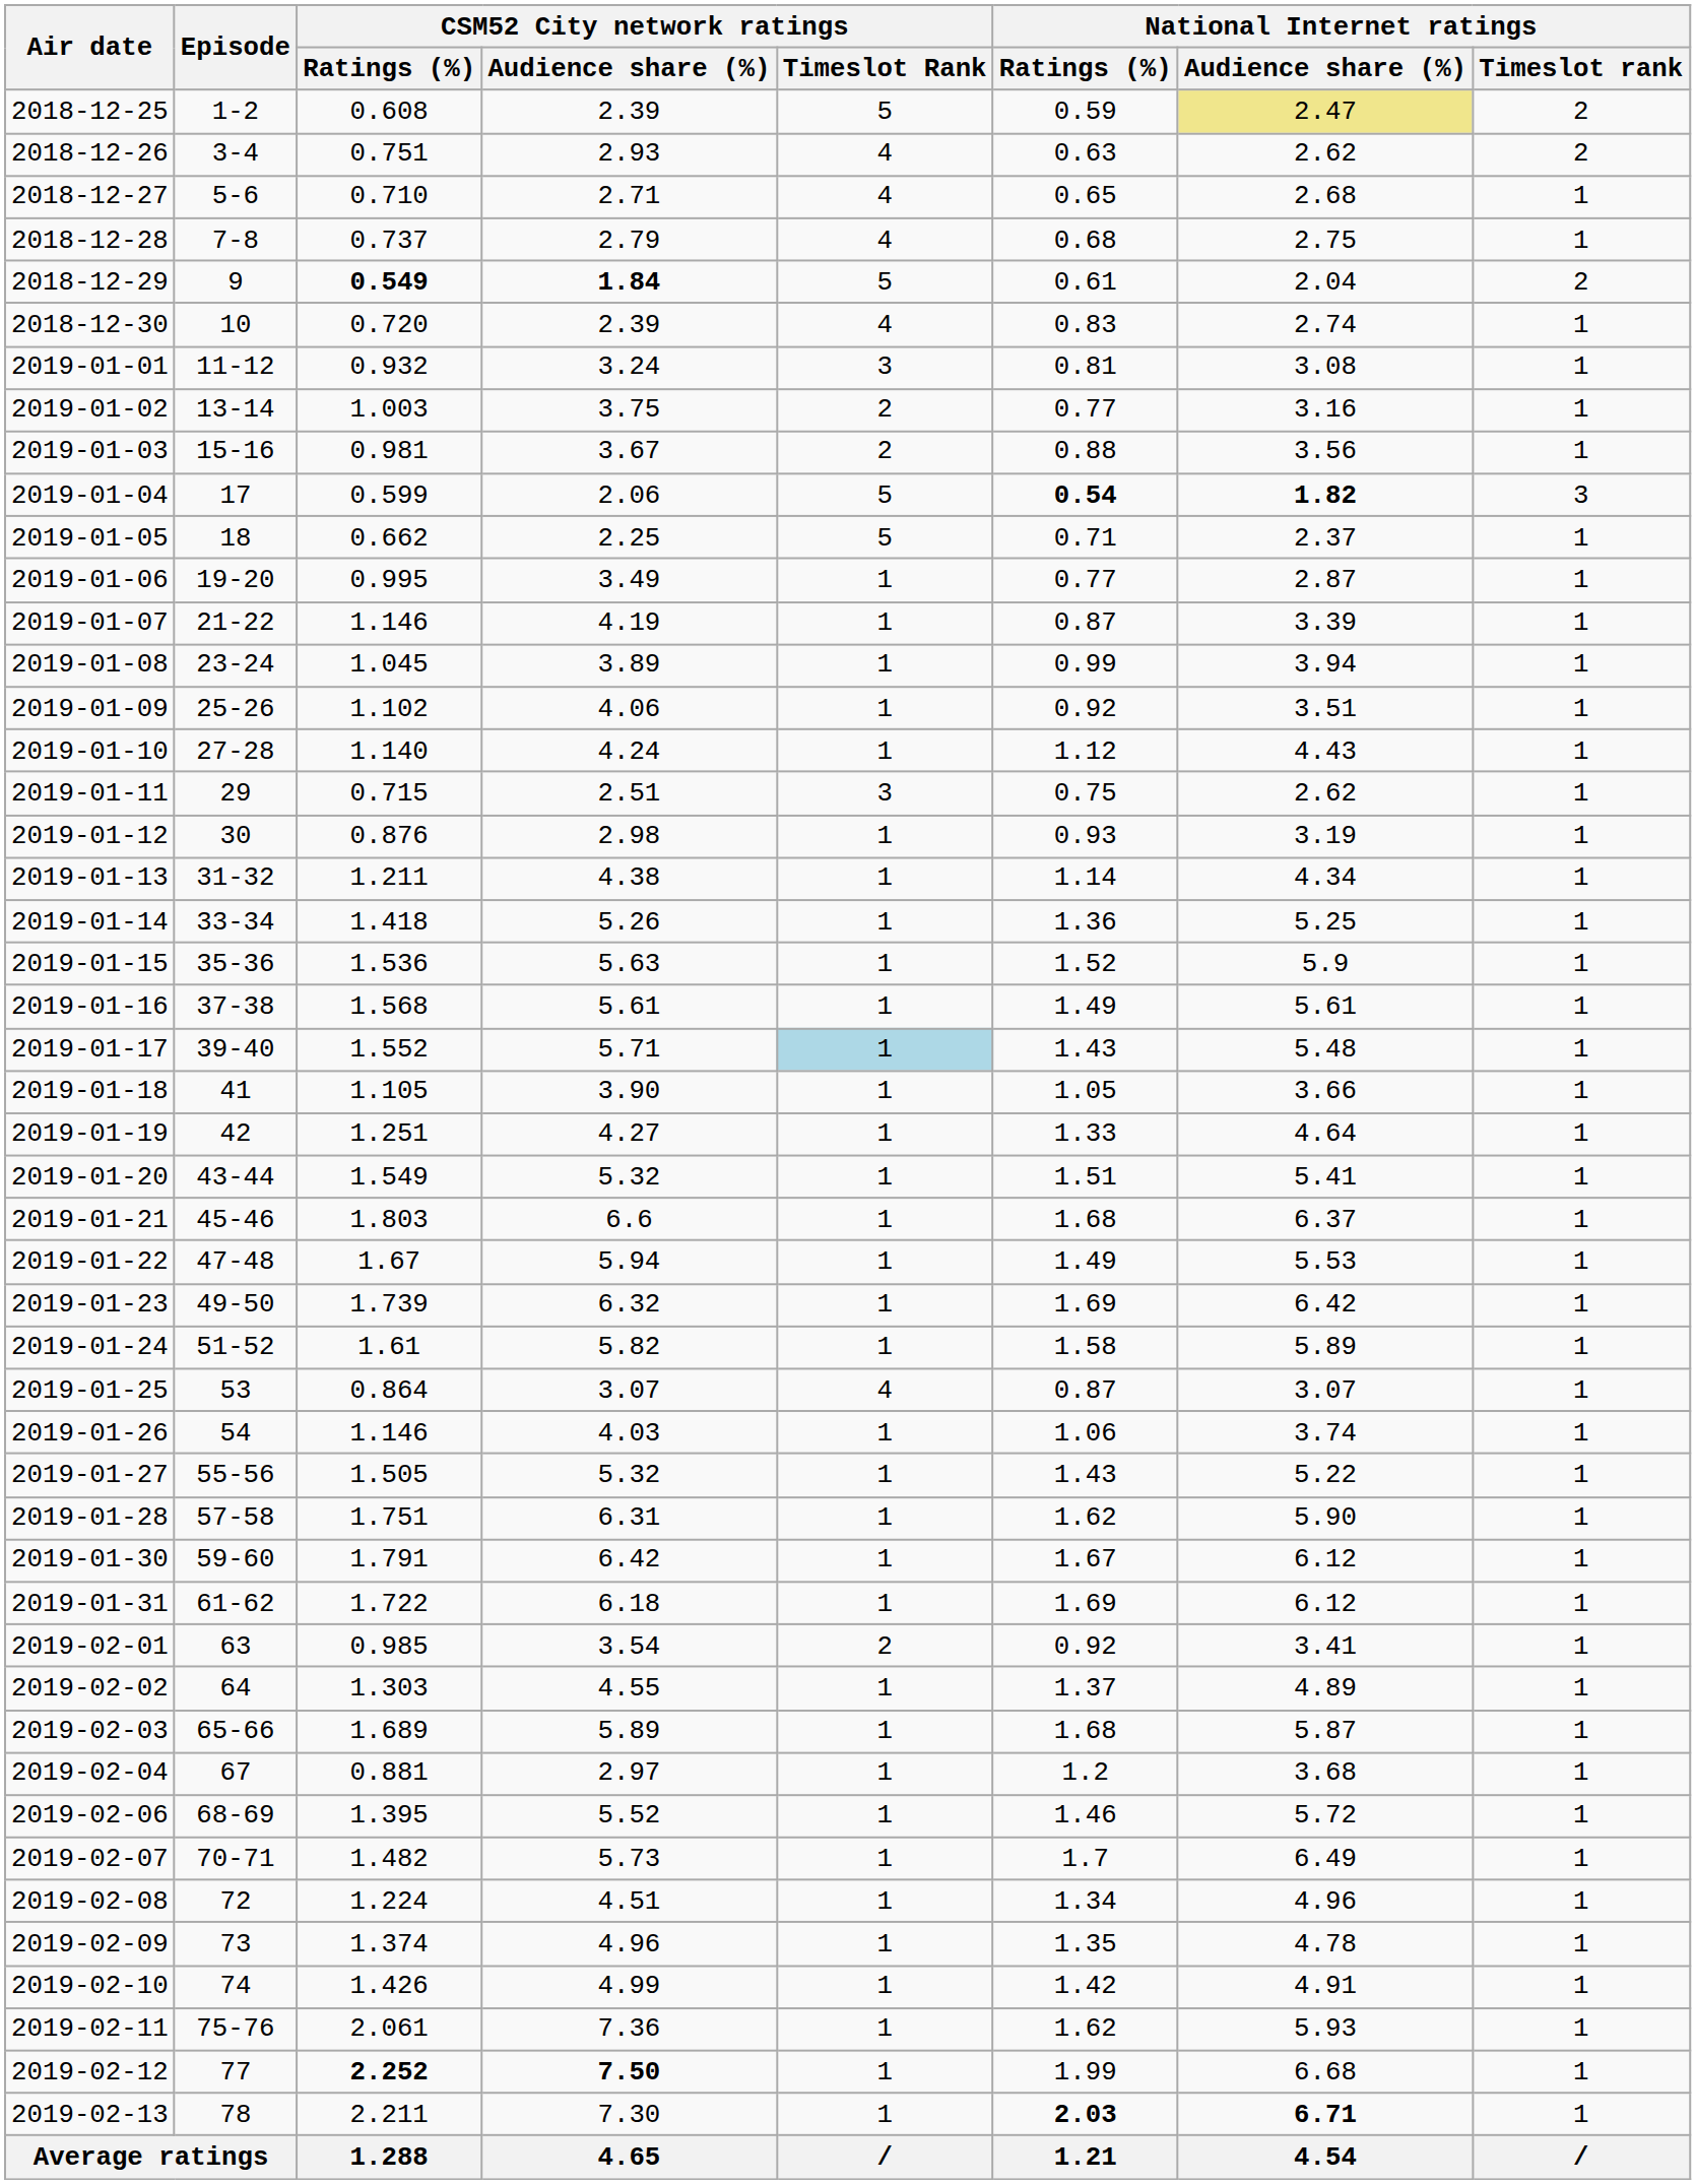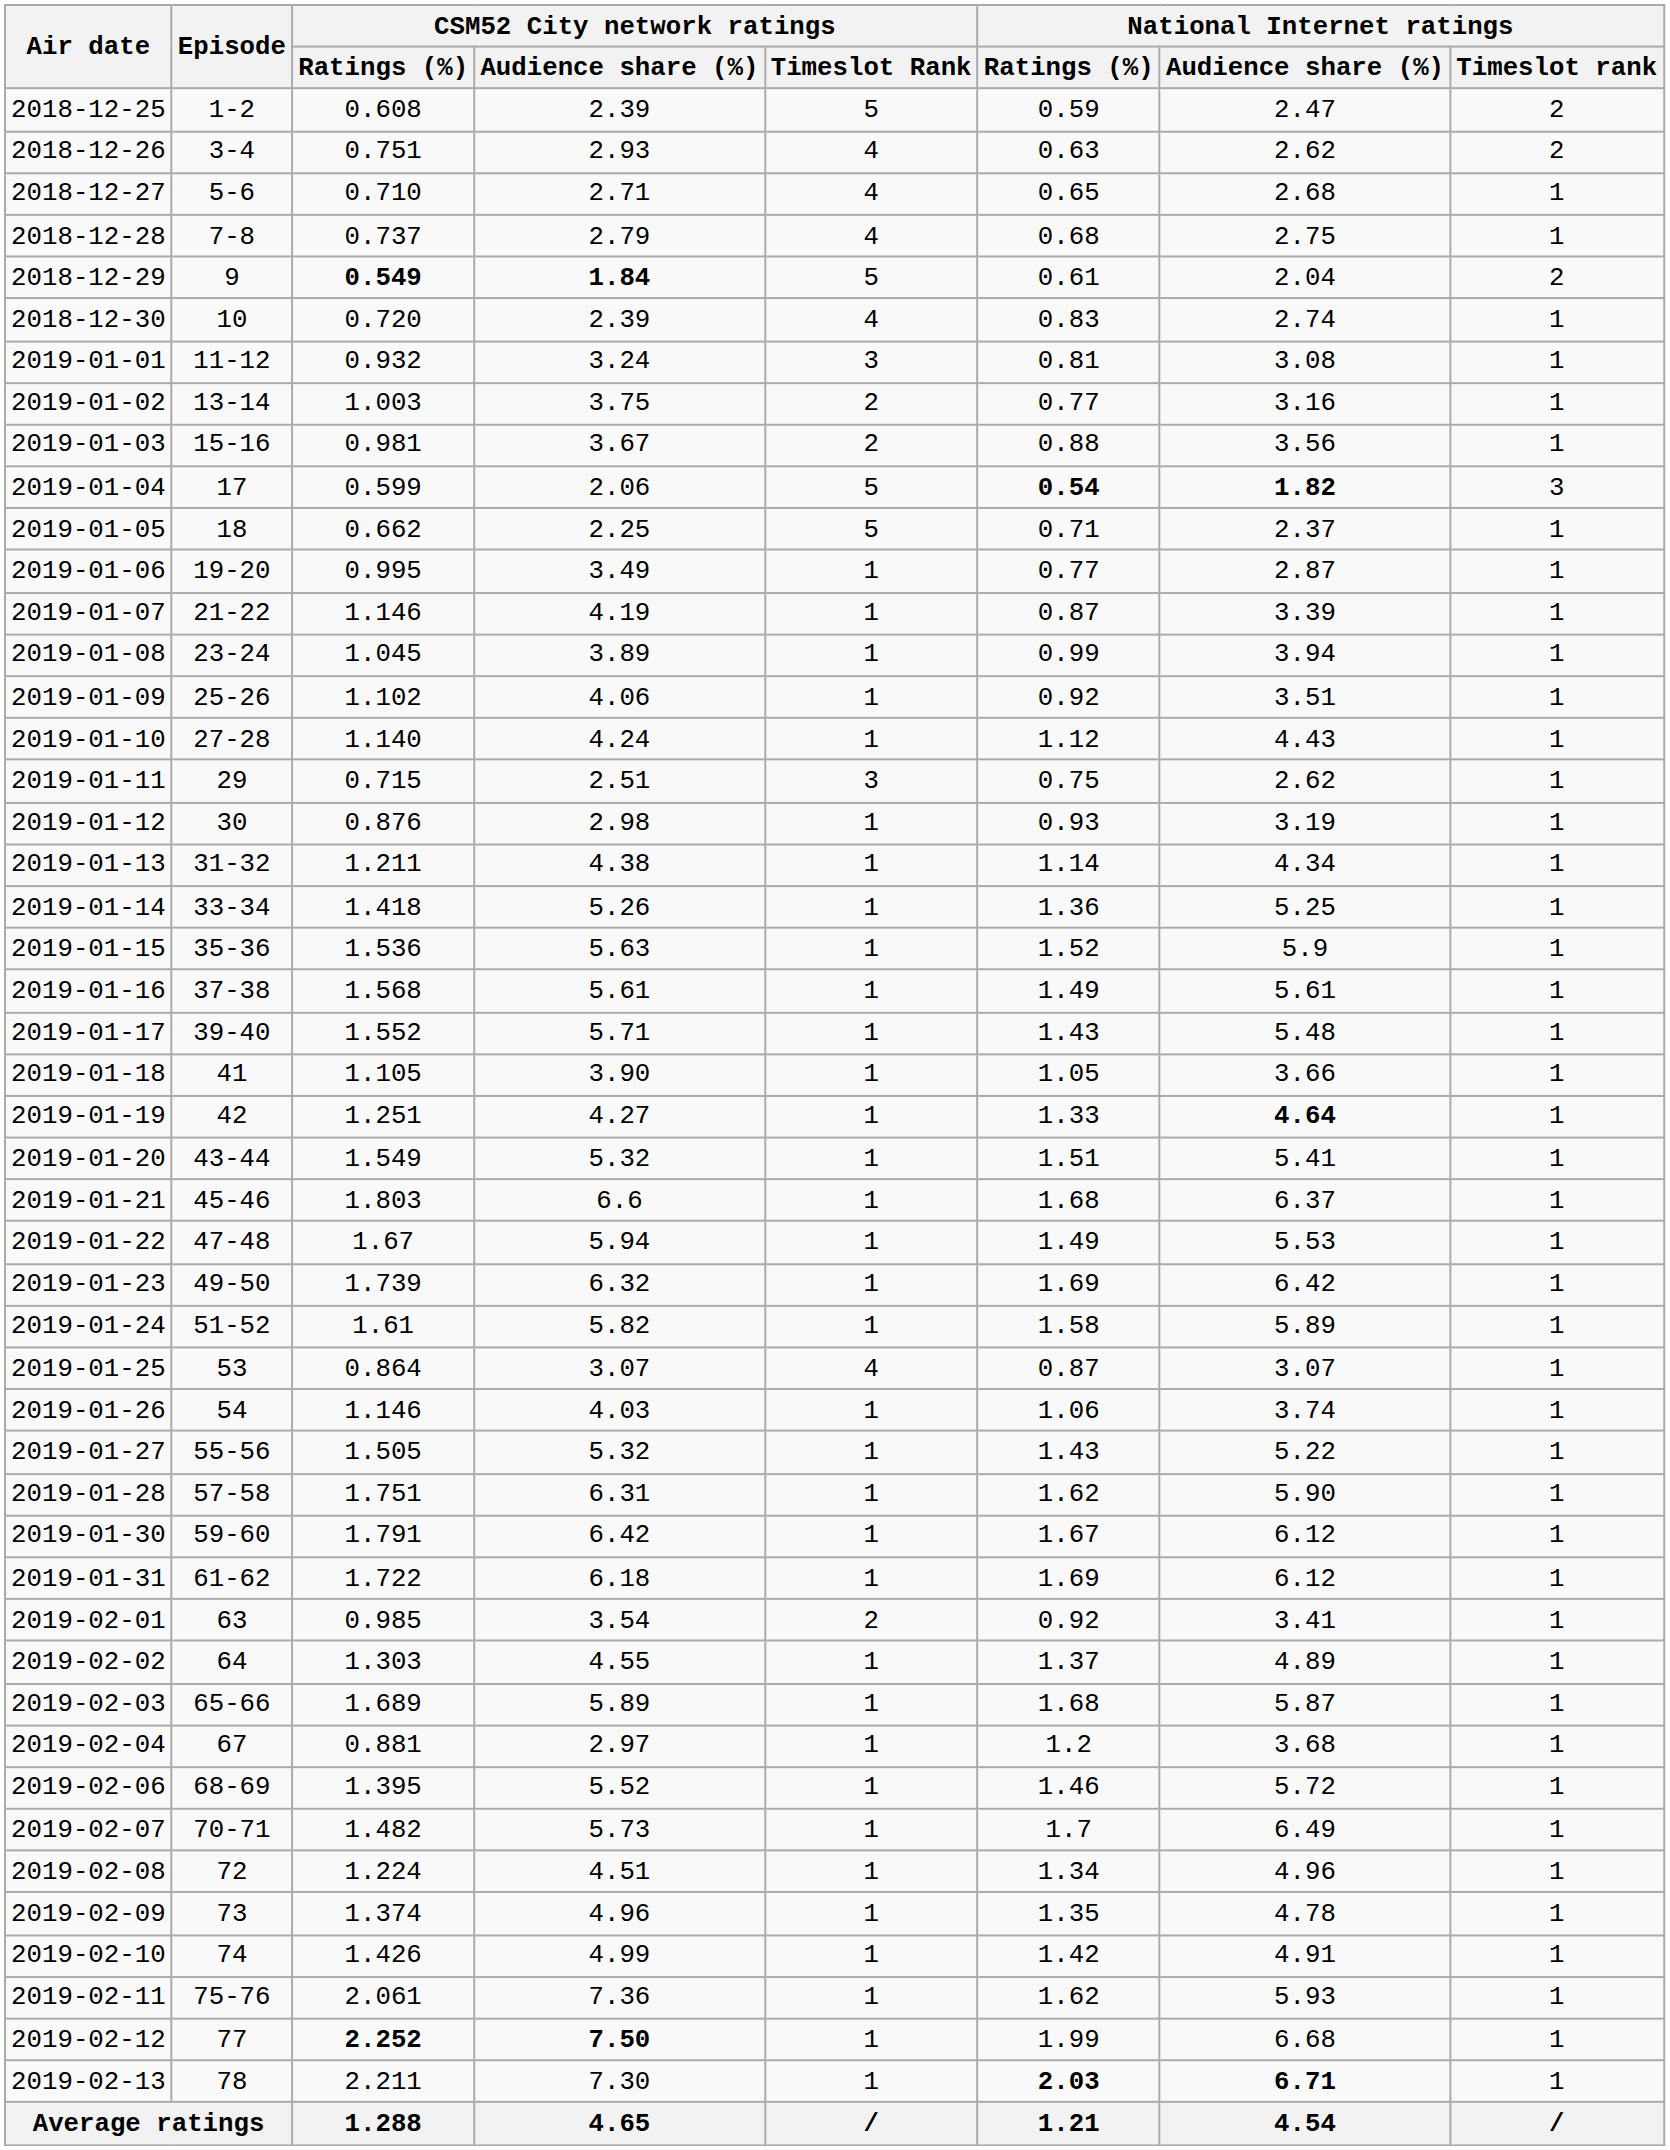 <table class="wikitable sortable mw-collapsible jquery-tablesorter" style="text-align:center">
 <tr>
 <th rowspan="2">Air date</th>
 <th rowspan="2">Episode</th>
 <th colspan="3">CSM52 City network ratings</th>
 <th colspan="3">National Internet ratings</th>
 </tr>
 <tr>
 <th colspan="1" rowspan="1"><strong>Ratings (%)</strong></th>
 <th colspan="1" rowspan="1"><strong>Audience share (%)</strong></th>
 <th colspan="1" rowspan="1"><strong>Timeslot Rank</strong></th>
 <th colspan="1" rowspan="1"><strong>Ratings (%)</strong></th>
 <th colspan="1" rowspan="1"><strong>Audience share (%)</strong></th>
 <th colspan="1" rowspan="1"><strong>Timeslot rank</strong></th>
 </tr>
 <tr>
 <td>2018-12-25</td>
 <td>1-2</td>
 <td>0.608</td>
 <td>2.39</td>
 <td>5</td>
 <td>0.59</td>
-<td style="background: khaki;">2.47</td>
+<td>2.47</td>
 <td>2</td>
 </tr>
 <tr>
 <td>2018-12-26</td>
 <td>3-4</td>
 <td>0.751</td>
 <td>2.93</td>
 <td>4</td>
 <td>0.63</td>
 <td>2.62</td>
 <td>2</td>
 </tr>
 <tr>
 <td>2018-12-27</td>
 <td>5-6</td>
 <td>0.710</td>
 <td>2.71</td>
 <td>4</td>
 <td>0.65</td>
 <td>2.68</td>
 <td>1</td>
 </tr>
 <tr>
 <td>2018-12-28</td>
 <td>7-8</td>
 <td>0.737</td>
 <td>2.79</td>
 <td>4</td>
 <td>0.68</td>
 <td>2.75</td>
 <td>1</td>
 </tr>
 <tr>
 <td>2018-12-29</td>
 <td>9</td>
 <td><strong><span>0.549</span></strong></td>
 <td><strong><span>1.84</span></strong></td>
 <td>5</td>
 <td>0.61</td>
 <td>2.04</td>
 <td>2</td>
 </tr>
 <tr>
 <td>2018-12-30</td>
 <td>10</td>
 <td>0.720</td>
 <td>2.39</td>
 <td>4</td>
 <td>0.83</td>
 <td>2.74</td>
 <td>1</td>
 </tr>
 <tr>
 <td>2019-01-01</td>
 <td>11-12</td>
 <td>0.932</td>
 <td>3.24</td>
 <td>3</td>
 <td>0.81</td>
 <td>3.08</td>
 <td>1</td>
 </tr>
 <tr>
 <td>2019-01-02</td>
 <td>13-14</td>
 <td>1.003</td>
 <td>3.75</td>
 <td>2</td>
 <td>0.77</td>
 <td>3.16</td>
 <td>1</td>
 </tr>
 <tr>
 <td>2019-01-03</td>
 <td>15-16</td>
 <td>0.981</td>
 <td>3.67</td>
 <td>2</td>
 <td>0.88</td>
 <td>3.56</td>
 <td>1</td>
 </tr>
 <tr>
 <td>2019-01-04</td>
 <td>17</td>
 <td>0.599</td>
 <td>2.06</td>
 <td>5</td>
 <td><strong><span>0.54</span></strong></td>
 <td><strong><span>1.82</span></strong></td>
 <td>3</td>
 </tr>
 <tr>
 <td>2019-01-05</td>
 <td>18</td>
 <td>0.662</td>
 <td>2.25</td>
 <td>5</td>
 <td>0.71</td>
 <td>2.37</td>
 <td>1</td>
 </tr>
 <tr>
 <td>2019-01-06</td>
 <td>19-20</td>
 <td>0.995</td>
 <td>3.49</td>
 <td>1</td>
 <td>0.77</td>
 <td>2.87</td>
 <td>1</td>
 </tr>
 <tr>
 <td>2019-01-07</td>
 <td>21-22</td>
 <td>1.146</td>
 <td>4.19</td>
 <td>1</td>
 <td>0.87</td>
 <td>3.39</td>
 <td>1</td>
 </tr>
 <tr>
 <td>2019-01-08</td>
 <td>23-24</td>
 <td>1.045</td>
 <td>3.89</td>
 <td>1</td>
 <td>0.99</td>
 <td>3.94</td>
 <td>1</td>
 </tr>
 <tr>
 <td>2019-01-09</td>
 <td>25-26</td>
 <td>1.102</td>
 <td>4.06</td>
 <td>1</td>
 <td>0.92</td>
 <td>3.51</td>
 <td>1</td>
 </tr>
 <tr>
 <td>2019-01-10</td>
 <td>27-28</td>
 <td>1.140</td>
 <td>4.24</td>
 <td>1</td>
 <td>1.12</td>
 <td>4.43</td>
 <td>1</td>
 </tr>
 <tr>
 <td>2019-01-11</td>
 <td>29</td>
 <td>0.715</td>
 <td>2.51</td>
 <td>3</td>
 <td>0.75</td>
 <td>2.62</td>
 <td>1</td>
 </tr>
 <tr>
 <td>2019-01-12</td>
 <td>30</td>
 <td>0.876</td>
 <td>2.98</td>
 <td>1</td>
 <td>0.93</td>
 <td>3.19</td>
 <td>1</td>
 </tr>
 <tr>
 <td>2019-01-13</td>
 <td>31-32</td>
 <td>1.211</td>
 <td>4.38</td>
 <td>1</td>
 <td>1.14</td>
 <td>4.34</td>
 <td>1</td>
 </tr>
 <tr>
 <td>2019-01-14</td>
 <td>33-34</td>
 <td>1.418</td>
 <td>5.26</td>
 <td>1</td>
 <td>1.36</td>
 <td>5.25</td>
 <td>1</td>
 </tr>
 <tr>
 <td>2019-01-15</td>
 <td>35-36</td>
 <td>1.536</td>
 <td>5.63</td>
 <td>1</td>
 <td>1.52</td>
 <td>5.9</td>
 <td>1</td>
 </tr>
 <tr>
 <td>2019-01-16</td>
 <td>37-38</td>
 <td>1.568</td>
 <td>5.61</td>
 <td>1</td>
 <td>1.49</td>
 <td>5.61</td>
 <td>1</td>
 </tr>
 <tr>
 <td>2019-01-17</td>
 <td>39-40</td>
 <td>1.552</td>
 <td>5.71</td>
-<td style="background: lightblue;">1</td>
+<td>1</td>
 <td>1.43</td>
 <td>5.48</td>
 <td>1</td>
 </tr>
 <tr>
 <td>2019-01-18</td>
 <td>41</td>
 <td>1.105</td>
 <td>3.90</td>
 <td>1</td>
 <td>1.05</td>
 <td>3.66</td>
 <td>1</td>
 </tr>
 <tr>
 <td>2019-01-19</td>
 <td>42</td>
 <td>1.251</td>
 <td>4.27</td>
 <td>1</td>
 <td>1.33</td>
-<td>4.64</td>
+<td><strong>4.64</strong></td>
 <td>1</td>
 </tr>
 <tr>
 <td>2019-01-20</td>
 <td>43-44</td>
 <td>1.549</td>
 <td>5.32</td>
 <td>1</td>
 <td>1.51</td>
 <td>5.41</td>
 <td>1</td>
 </tr>
 <tr>
 <td>2019-01-21</td>
 <td>45-46</td>
 <td>1.803</td>
 <td>6.6</td>
 <td>1</td>
 <td>1.68</td>
 <td>6.37</td>
 <td>1</td>
 </tr>
 <tr>
 <td>2019-01-22</td>
 <td>47-48</td>
 <td>1.67</td>
 <td>5.94</td>
 <td>1</td>
 <td>1.49</td>
 <td>5.53</td>
 <td>1</td>
 </tr>
 <tr>
 <td>2019-01-23</td>
 <td>49-50</td>
 <td>1.739</td>
 <td>6.32</td>
 <td>1</td>
 <td>1.69</td>
 <td>6.42</td>
 <td>1</td>
 </tr>
 <tr>
 <td>2019-01-24</td>
 <td>51-52</td>
 <td>1.61</td>
 <td>5.82</td>
 <td>1</td>
 <td>1.58</td>
 <td>5.89</td>
 <td>1</td>
 </tr>
 <tr>
 <td>2019-01-25</td>
 <td>53</td>
 <td>0.864</td>
 <td>3.07</td>
 <td>4</td>
 <td>0.87</td>
 <td>3.07</td>
 <td>1</td>
 </tr>
 <tr>
 <td>2019-01-26</td>
 <td>54</td>
 <td>1.146</td>
 <td>4.03</td>
 <td>1</td>
 <td>1.06</td>
 <td>3.74</td>
 <td>1</td>
 </tr>
 <tr>
 <td>2019-01-27</td>
 <td>55-56</td>
 <td>1.505</td>
 <td>5.32</td>
 <td>1</td>
 <td>1.43</td>
 <td>5.22</td>
 <td>1</td>
 </tr>
 <tr>
 <td>2019-01-28</td>
 <td>57-58</td>
 <td>1.751</td>
 <td>6.31</td>
 <td>1</td>
 <td>1.62</td>
 <td>5.90</td>
 <td>1</td>
 </tr>
 <tr>
 <td>2019-01-30</td>
 <td>59-60</td>
 <td>1.791</td>
 <td>6.42</td>
 <td>1</td>
 <td>1.67</td>
 <td>6.12</td>
 <td>1</td>
 </tr>
 <tr>
 <td>2019-01-31</td>
 <td>61-62</td>
 <td>1.722</td>
 <td>6.18</td>
 <td>1</td>
 <td>1.69</td>
 <td>6.12</td>
 <td>1</td>
 </tr>
 <tr>
 <td>2019-02-01</td>
 <td>63</td>
 <td>0.985</td>
 <td>3.54</td>
 <td>2</td>
 <td>0.92</td>
 <td>3.41</td>
 <td>1</td>
 </tr>
 <tr>
 <td>2019-02-02</td>
 <td>64</td>
 <td>1.303</td>
 <td>4.55</td>
 <td>1</td>
 <td>1.37</td>
 <td>4.89</td>
 <td>1</td>
 </tr>
 <tr>
 <td>2019-02-03</td>
 <td>65-66</td>
 <td>1.689</td>
 <td>5.89</td>
 <td>1</td>
 <td>1.68</td>
 <td>5.87</td>
 <td>1</td>
 </tr>
 <tr>
 <td>2019-02-04</td>
 <td>67</td>
 <td>0.881</td>
 <td>2.97</td>
 <td>1</td>
 <td>1.2</td>
 <td>3.68</td>
 <td>1</td>
 </tr>
 <tr>
 <td>2019-02-06</td>
 <td>68-69</td>
 <td>1.395</td>
 <td>5.52</td>
 <td>1</td>
 <td>1.46</td>
 <td>5.72</td>
 <td>1</td>
 </tr>
 <tr>
 <td>2019-02-07</td>
 <td>70-71</td>
 <td>1.482</td>
 <td>5.73</td>
 <td>1</td>
 <td>1.7</td>
 <td>6.49</td>
 <td>1</td>
 </tr>
 <tr>
 <td>2019-02-08</td>
 <td>72</td>
 <td>1.224</td>
 <td>4.51</td>
 <td>1</td>
 <td>1.34</td>
 <td>4.96</td>
 <td>1</td>
 </tr>
 <tr>
 <td>2019-02-09</td>
 <td>73</td>
 <td>1.374</td>
 <td>4.96</td>
 <td>1</td>
 <td>1.35</td>
 <td>4.78</td>
 <td>1</td>
 </tr>
 <tr>
 <td>2019-02-10</td>
 <td>74</td>
 <td>1.426</td>
 <td>4.99</td>
 <td>1</td>
 <td>1.42</td>
 <td>4.91</td>
 <td>1</td>
 </tr>
 <tr>
 <td>2019-02-11</td>
 <td>75-76</td>
 <td>2.061</td>
 <td>7.36</td>
 <td>1</td>
 <td>1.62</td>
 <td>5.93</td>
 <td>1</td>
 </tr>
 <tr>
 <td>2019-02-12</td>
 <td>77</td>
 <td><strong><span>2.252</span></strong></td>
 <td><strong><span>7.50</span></strong></td>
 <td>1</td>
 <td>1.99</td>
 <td>6.68</td>
 <td>1</td>
 </tr>
 <tr>
 <td>2019-02-13</td>
 <td>78</td>
 <td>2.211</td>
 <td>7.30</td>
 <td>1</td>
 <td><strong><span>2.03</span></strong></td>
 <td><strong><span>6.71</span></strong></td>
 <td>1</td>
 </tr>
 <tr>
 <th colspan="2" rowspan="1">Average ratings</th>
 <th colspan="1" rowspan="1">1.288</th>
 <th colspan="1" rowspan="1">4.65</th>
 <th colspan="1" rowspan="1">/</th>
 <th colspan="1" rowspan="1">1.21</th>
 <th colspan="1" rowspan="1">4.54</th>
 <th colspan="1" rowspan="1">/</th>
 </tr>
 </table>
